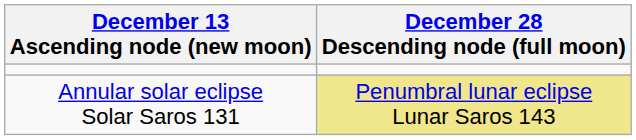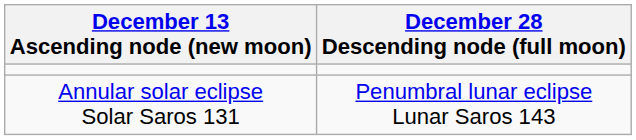 <table class="wikitable">
 <tr>
 <th><a href='#'>December 13</a><br>Ascending node (new moon)</th>
 <th><a href='#'>December 28</a><br>Descending node (full moon)</th>
 </tr>
 <tr>
 <td></td>
 <td></td>
 </tr>
 <tr align=center>
 <td><a href='#'>Annular solar eclipse</a><br>Solar Saros 131</td>
-<td style="background: khaki;"><a href='#'>Penumbral lunar eclipse</a><br>Lunar Saros 143</td>
+<td><a href='#'>Penumbral lunar eclipse</a><br>Lunar Saros 143</td>
 </tr>
 </table>
